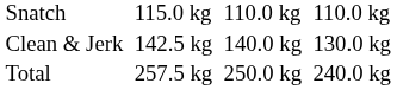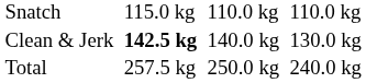 <table>
 <tr>
 <td>Snatch</td>
 <td></td>
 <td>115.0 kg</td>
 <td></td>
 <td>110.0 kg</td>
 <td></td>
 <td>110.0 kg</td>
 </tr>
 <tr>
 <td>Clean & Jerk</td>
 <td></td>
-<td>142.5 kg</td>
+<td><strong>142.5 kg</strong></td>
 <td></td>
 <td>140.0 kg</td>
 <td></td>
 <td>130.0 kg</td>
 </tr>
 <tr>
 <td>Total</td>
 <td></td>
 <td>257.5 kg</td>
 <td></td>
 <td>250.0 kg</td>
 <td></td>
 <td>240.0 kg</td>
 </tr>
 </table>
